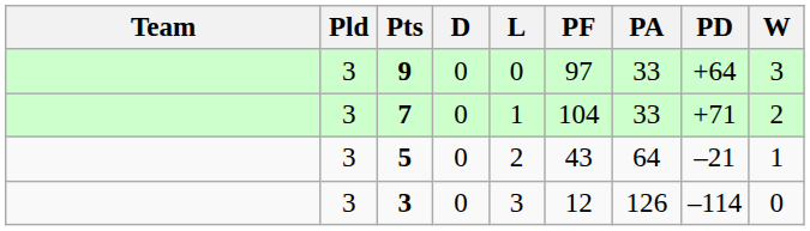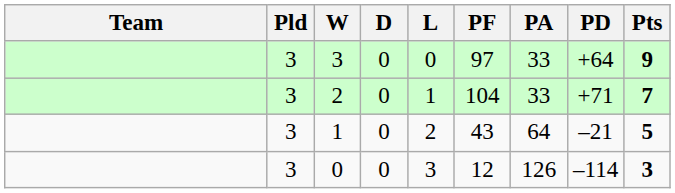 <table class="wikitable" style="text-align:center;">
 <tr>
 <th width=175>Team</th>
 <th width=25 abbr="Played">Pld</th>
-<th width=25 abbr="Points">Pts</th>
+<th width=25 abbr="Won">W</th>
 <th width=25 abbr="Drawn">D</th>
 <th width=25 abbr="Lost">L</th>
 <th width=32 abbr="Points for">PF</th>
 <th width=32 abbr="Points against">PA</th>
 <th width=32 abbr="Points difference">PD</th>
-<th width=25 abbr="Won">W</th>
+<th width=25 abbr="Points">Pts</th>
 </tr>
 <tr bgcolor=ccffcc>
 <td align=left></td>
 <td>3</td>
-<td><strong>9</strong></td>
+<td>3</td>
 <td>0</td>
 <td>0</td>
 <td>97</td>
 <td>33</td>
 <td>+64</td>
-<td>3</td>
+<td><strong>9</strong></td>
 </tr>
 <tr bgcolor=ccffcc>
 <td align=left></td>
 <td>3</td>
-<td><strong>7</strong></td>
+<td>2</td>
 <td>0</td>
 <td>1</td>
 <td>104</td>
 <td>33</td>
 <td>+71</td>
-<td>2</td>
+<td><strong>7</strong></td>
 </tr>
 <tr>
 <td align=left></td>
 <td>3</td>
-<td><strong>5</strong></td>
+<td>1</td>
 <td>0</td>
 <td>2</td>
 <td>43</td>
 <td>64</td>
 <td>–21</td>
-<td>1</td>
+<td><strong>5</strong></td>
 </tr>
 <tr>
 <td align=left></td>
 <td>3</td>
-<td><strong>3</strong></td>
+<td>0</td>
 <td>0</td>
 <td>3</td>
 <td>12</td>
 <td>126</td>
 <td>–114</td>
-<td>0</td>
+<td><strong>3</strong></td>
 </tr>
 </table>
